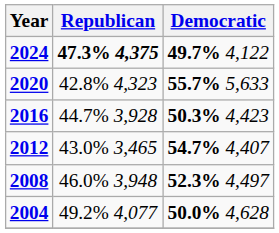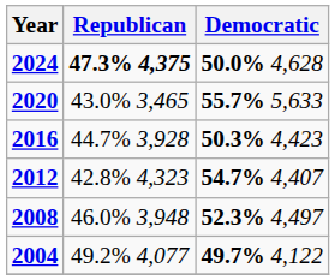 <table class="wikitable" style="float:right; margin: 1em 1em 1em 0; font-size: 95%;">
 <tr>
 <th>Year</th>
 <th><a href='#'>Republican</a></th>
 <th><a href='#'>Democratic</a></th>
 </tr>
 <tr>
 <td style="text-align:center; "><strong><a href='#'>2024</a></strong></td>
 <td style="text-align:center; "><strong>47.3% <em>4,375</em></strong></td>
-<td style="text-align:center; "><strong>49.7%</strong> <em>4,122</em></td>
+<td style="text-align:center; "><strong>50.0%</strong> <em>4,628</em></td>
 </tr>
 <tr>
 <td style="text-align:center; "><strong><a href='#'>2020</a></strong></td>
-<td style="text-align:center; ">42.8% <em>4,323</em></td>
+<td style="text-align:center; ">43.0% <em>3,465</em></td>
 <td style="text-align:center; "><strong>55.7%</strong>  <em>5,633</em></td>
 </tr>
 <tr>
 <td style="text-align:center; "><strong><a href='#'>2016</a></strong></td>
 <td style="text-align:center; ">44.7% <em>3,928</em></td>
 <td style="text-align:center; "><strong>50.3%</strong>  <em>4,423</em></td>
 </tr>
 <tr>
 <td style="text-align:center; "><strong><a href='#'>2012</a></strong></td>
-<td style="text-align:center; ">43.0% <em>3,465</em></td>
+<td style="text-align:center; ">42.8% <em>4,323</em></td>
 <td style="text-align:center; "><strong>54.7%</strong>  <em>4,407</em></td>
 </tr>
 <tr>
 <td style="text-align:center; "><strong><a href='#'>2008</a></strong></td>
 <td style="text-align:center; ">46.0% <em>3,948</em></td>
 <td style="text-align:center; "><strong>52.3%</strong>  <em>4,497</em></td>
 </tr>
 <tr>
 <td style="text-align:center; "><strong><a href='#'>2004</a></strong></td>
 <td style="text-align:center; ">49.2% <em>4,077</em></td>
-<td style="text-align:center; "><strong>50.0%</strong> <em>4,628</em></td>
+<td style="text-align:center; "><strong>49.7%</strong> <em>4,122</em></td>
 </tr>
 <tr>
 </tr>
 </table>
